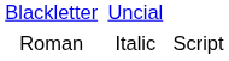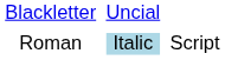 <table cellspacing="8" cellpadding="0">
 <tr style="text-align:center">
 <td><a href='#'>Blackletter</a></td>
 <td> <a href='#'>Uncial</a></td>
 </tr>
 <tr style="text-align:center">
 <td> Roman</td>
-<td> Italic</td>
+<td style="background: lightblue;"> Italic</td>
 <td> Script</td>
 </tr>
 </table>
